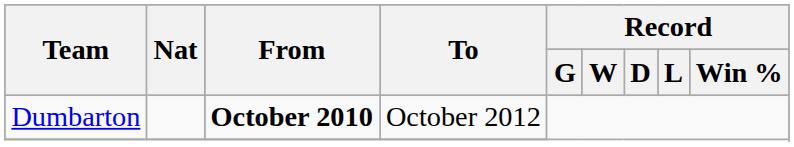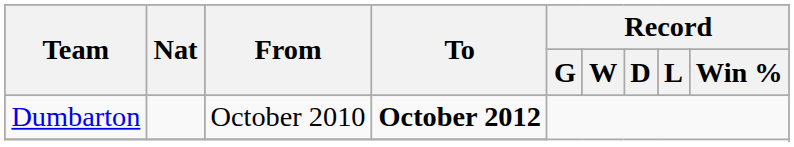 <table class="wikitable" style="text-align: center">
 <tr>
 <th rowspan="2">Team</th>
 <th rowspan="2">Nat</th>
 <th rowspan="2">From</th>
 <th rowspan="2">To</th>
 <th colspan="5">Record</th>
 </tr>
 <tr>
 <th>G</th>
 <th>W</th>
 <th>D</th>
 <th>L</th>
 <th>Win %</th>
 </tr>
 <tr>
 <td align=left><a href='#'>Dumbarton</a></td>
 <td></td>
-<td align=left><strong>October 2010</strong></td>
-<td align=left>October 2012<br></td>
+<td align=left>October 2010</td>
+<td align=left><strong>October 2012<br></strong></td>
 </tr>
 <tr>
 </tr>
 </table>
